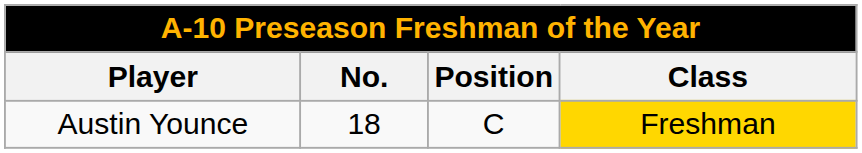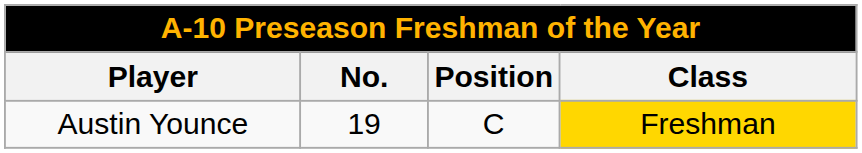 <table class="wikitable" style="text-align:center">
 <tr>
 <td colspan="5" style= "background: #000000; color:#FFB300"><strong>A-10 Preseason Freshman of the Year</strong></td>
 </tr>
 <tr>
 <th style="width:150px; ">Player</th>
 <th style="width:60px; ">No.</th>
 <th style="width:60px; ">Position</th>
 <th style="width:150px; ">Class</th>
 </tr>
 <tr>
 <td>Austin Younce</td>
-<td>18</td>
+<td>19</td>
 <td>C</td>
 <td style="background: gold;">Freshman</td>
 </tr>
 </table>
